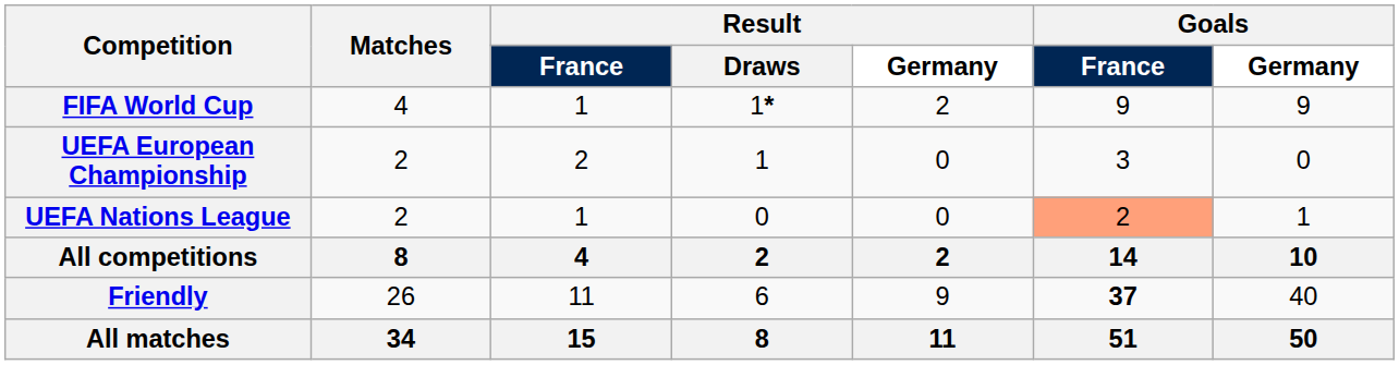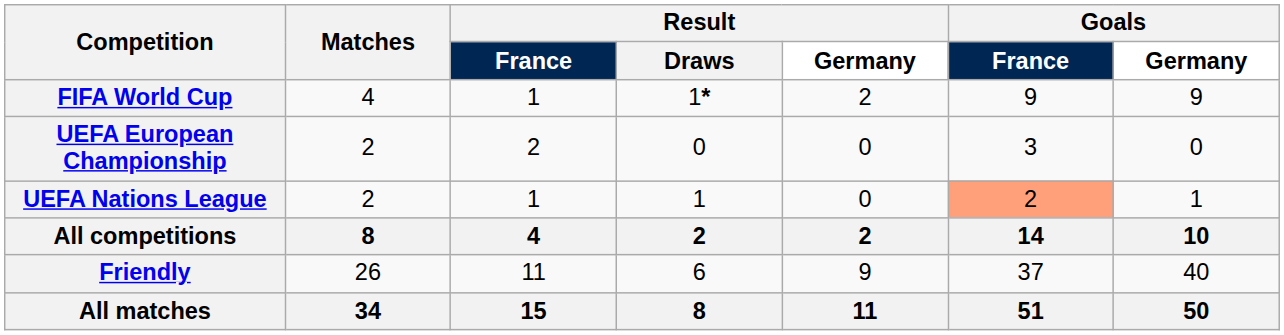 <table class="wikitable sortable" style="text-align:center;">
 <tr>
 <th rowspan="2"  style="width:22%;">Competition</th>
 <th rowspan="2"  style="width:13%;">Matches</th>
 <th colspan="3">Result</th>
 <th colspan="2">Goals</th>
 </tr>
 <tr>
 <th style="width:13%;color:#FFFFFF; background-color:#002654;">France</th>
 <th style="width:13%;">Draws</th>
 <th style="width:13%;color:#000000; background-color:#FFFFFF;">Germany</th>
 <th style="width:13%;color:#FFFFFF; background-color:#002654;">France</th>
 <th style="width:13%;color:#000000; background-color:#FFFFFF;">Germany</th>
 </tr>
 <tr>
 <th scope=row><a href='#'>FIFA World Cup</a></th>
 <td>4</td>
 <td>1</td>
 <td>1<strong>*</strong></td>
 <td>2</td>
 <td>9</td>
 <td>9</td>
 </tr>
 <tr>
 <th scope=row><a href='#'>UEFA European Championship</a></th>
 <td>2</td>
 <td>2</td>
-<td>1</td>
+<td>0</td>
 <td>0</td>
 <td>3</td>
 <td>0</td>
 </tr>
 <tr>
 <th scope=row><a href='#'>UEFA Nations League</a></th>
 <td>2</td>
 <td>1</td>
-<td>0</td>
+<td>1</td>
 <td>0</td>
 <td style="background: lightsalmon;">2</td>
 <td>1</td>
 </tr>
 <tr>
 <th scope=row>All competitions</th>
 <th>8</th>
 <th>4</th>
 <th>2</th>
 <th>2</th>
 <th>14</th>
 <th>10</th>
 </tr>
 <tr>
 <th scope=row><a href='#'>Friendly</a></th>
 <td>26</td>
 <td>11</td>
 <td>6</td>
 <td>9</td>
-<td><strong>37</strong></td>
+<td>37</td>
 <td>40</td>
 </tr>
 <tr>
 <th scope=row>All matches</th>
 <th scope=row>34</th>
 <th>15</th>
 <th>8</th>
 <th>11</th>
 <th>51</th>
 <th>50</th>
 </tr>
 </table>
